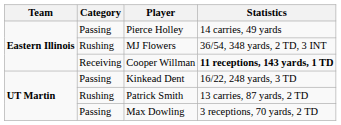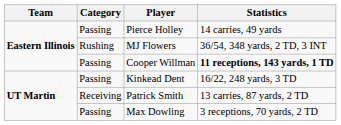 <table class="wikitable" style="float: right;">
 <tr>
 <th>Team</th>
 <th>Category</th>
 <th>Player</th>
 <th>Statistics</th>
 </tr>
 <tr>
 <td rowspan=3><strong>Eastern Illinois</strong></td>
 <td>Passing</td>
 <td>Pierce Holley</td>
 <td>14 carries, 49 yards</td>
 </tr>
 <tr>
 <td>Rushing</td>
 <td>MJ Flowers</td>
 <td>36/54, 348 yards, 2 TD, 3 INT</td>
 </tr>
 <tr>
-<td>Receiving</td>
+<td>Passing</td>
 <td>Cooper Willman</td>
 <td><strong>11 receptions, 143 yards, 1 TD</strong></td>
 </tr>
 <tr>
 <td rowspan=3><strong>UT Martin</strong></td>
 <td>Passing</td>
 <td>Kinkead Dent</td>
 <td>16/22, 248 yards, 3 TD</td>
 </tr>
 <tr>
-<td>Rushing</td>
+<td>Receiving</td>
 <td>Patrick Smith</td>
 <td>13 carries, 87 yards, 2 TD</td>
 </tr>
 <tr>
 <td>Passing</td>
 <td>Max Dowling</td>
 <td>3 receptions, 70 yards, 2 TD</td>
 </tr>
 </table>
